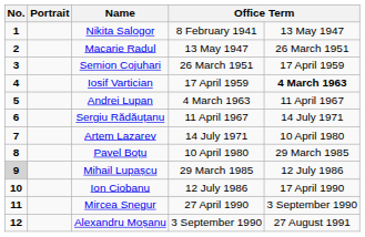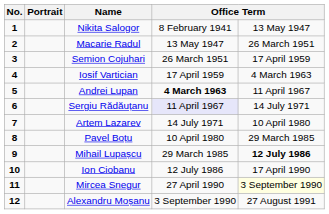 <table class="wikitable" style="text-align:center;">
 <tr>
 <th><strong>No.</strong></th>
 <th>Portrait</th>
 <th>Name<br></th>
 <th colspan="2">Office Term</th>
 </tr>
 <tr>
 <td><strong>1</strong></td>
 <td></td>
 <td><a href='#'>Nikita Salogor</a><br></td>
 <td>8 February 1941</td>
 <td>13 May 1947</td>
 </tr>
 <tr>
 <td><strong>2</strong></td>
 <td></td>
 <td><a href='#'>Macarie Radul</a><br></td>
 <td>13 May 1947</td>
 <td>26 March 1951</td>
 </tr>
 <tr>
 <td><strong>3</strong></td>
 <td></td>
 <td><a href='#'>Semion Cojuhari</a><br></td>
 <td>26 March 1951</td>
 <td>17 April 1959</td>
 </tr>
 <tr>
 <td><strong>4</strong></td>
 <td></td>
 <td><a href='#'>Iosif Vartician</a><br></td>
 <td>17 April 1959</td>
-<td><strong>4 March 1963</strong></td>
+<td>4 March 1963</td>
 </tr>
 <tr>
 <td><strong>5</strong></td>
 <td></td>
 <td><a href='#'>Andrei Lupan</a><br></td>
-<td>4 March 1963</td>
+<td><strong>4 March 1963</strong></td>
 <td>11 April 1967</td>
 </tr>
 <tr>
 <td><strong>6</strong></td>
 <td></td>
 <td><a href='#'>Sergiu Rădăuțanu</a><br></td>
-<td>11 April 1967</td>
+<td style="background: lavender;">11 April 1967</td>
 <td>14 July 1971</td>
 </tr>
 <tr>
 <td><strong>7</strong></td>
 <td></td>
 <td><a href='#'>Artem Lazarev</a><br></td>
 <td>14 July 1971</td>
 <td>10 April 1980</td>
 </tr>
 <tr>
 <td><strong>8</strong></td>
 <td></td>
 <td><a href='#'>Pavel Boțu</a><br></td>
 <td>10 April 1980</td>
 <td>29 March 1985</td>
 </tr>
 <tr>
-<td style="background: lightgrey;"><strong>9</strong></td>
+<td><strong>9</strong></td>
 <td></td>
 <td><a href='#'>Mihail Lupașcu</a><br></td>
 <td>29 March 1985</td>
-<td>12 July 1986</td>
+<td><strong>12 July 1986</strong></td>
 </tr>
 <tr>
 <td><strong>10</strong></td>
 <td></td>
 <td><a href='#'>Ion Ciobanu</a><br></td>
 <td>12 July 1986</td>
 <td>17 April 1990</td>
 </tr>
 <tr>
 <td><strong>11</strong></td>
 <td></td>
 <td><a href='#'>Mircea Snegur</a><br></td>
 <td>27 April 1990</td>
-<td>3 September 1990</td>
+<td style="background: lightyellow;">3 September 1990</td>
 </tr>
 <tr>
 <td><strong>12</strong></td>
 <td></td>
 <td><a href='#'>Alexandru Moșanu</a><br></td>
 <td>3 September 1990</td>
 <td>27 August 1991</td>
 </tr>
 </table>
